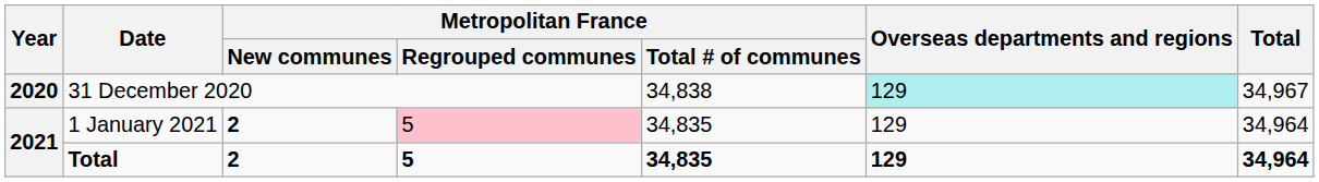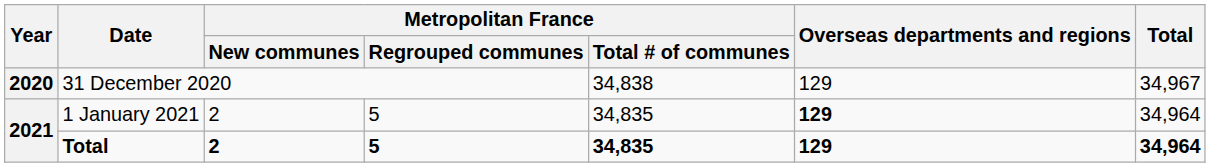 <table class="wikitable">
 <tr>
 <th rowspan="2">Year</th>
 <th rowspan="2">Date</th>
 <th colspan="3">Metropolitan France</th>
 <th rowspan="2">Overseas departments and regions</th>
 <th rowspan="2">Total</th>
 </tr>
 <tr>
 <th>New communes</th>
 <th>Regrouped communes</th>
 <th>Total # of communes</th>
 </tr>
 <tr>
 <th>2020</th>
 <td colspan="3">31 December 2020</td>
 <td>34,838</td>
-<td style="background: paleturquoise;">129</td>
+<td>129</td>
 <td>34,967</td>
 </tr>
 <tr>
 <th rowspan="2"><strong>2021</strong></th>
 <td>1 January 2021</td>
-<td><strong>2</strong></td>
-<td style="background: pink;">5</td>
+<td>2</td>
+<td>5</td>
 <td>34,835</td>
-<td>129</td>
+<td><strong>129</strong></td>
 <td>34,964</td>
 </tr>
 <tr>
 <td><strong>Total</strong></td>
 <td><strong>2</strong></td>
 <td><strong>5</strong></td>
 <td><strong>34,835</strong></td>
 <td><strong>129</strong></td>
 <td><strong>34,964</strong></td>
 </tr>
 </table>
